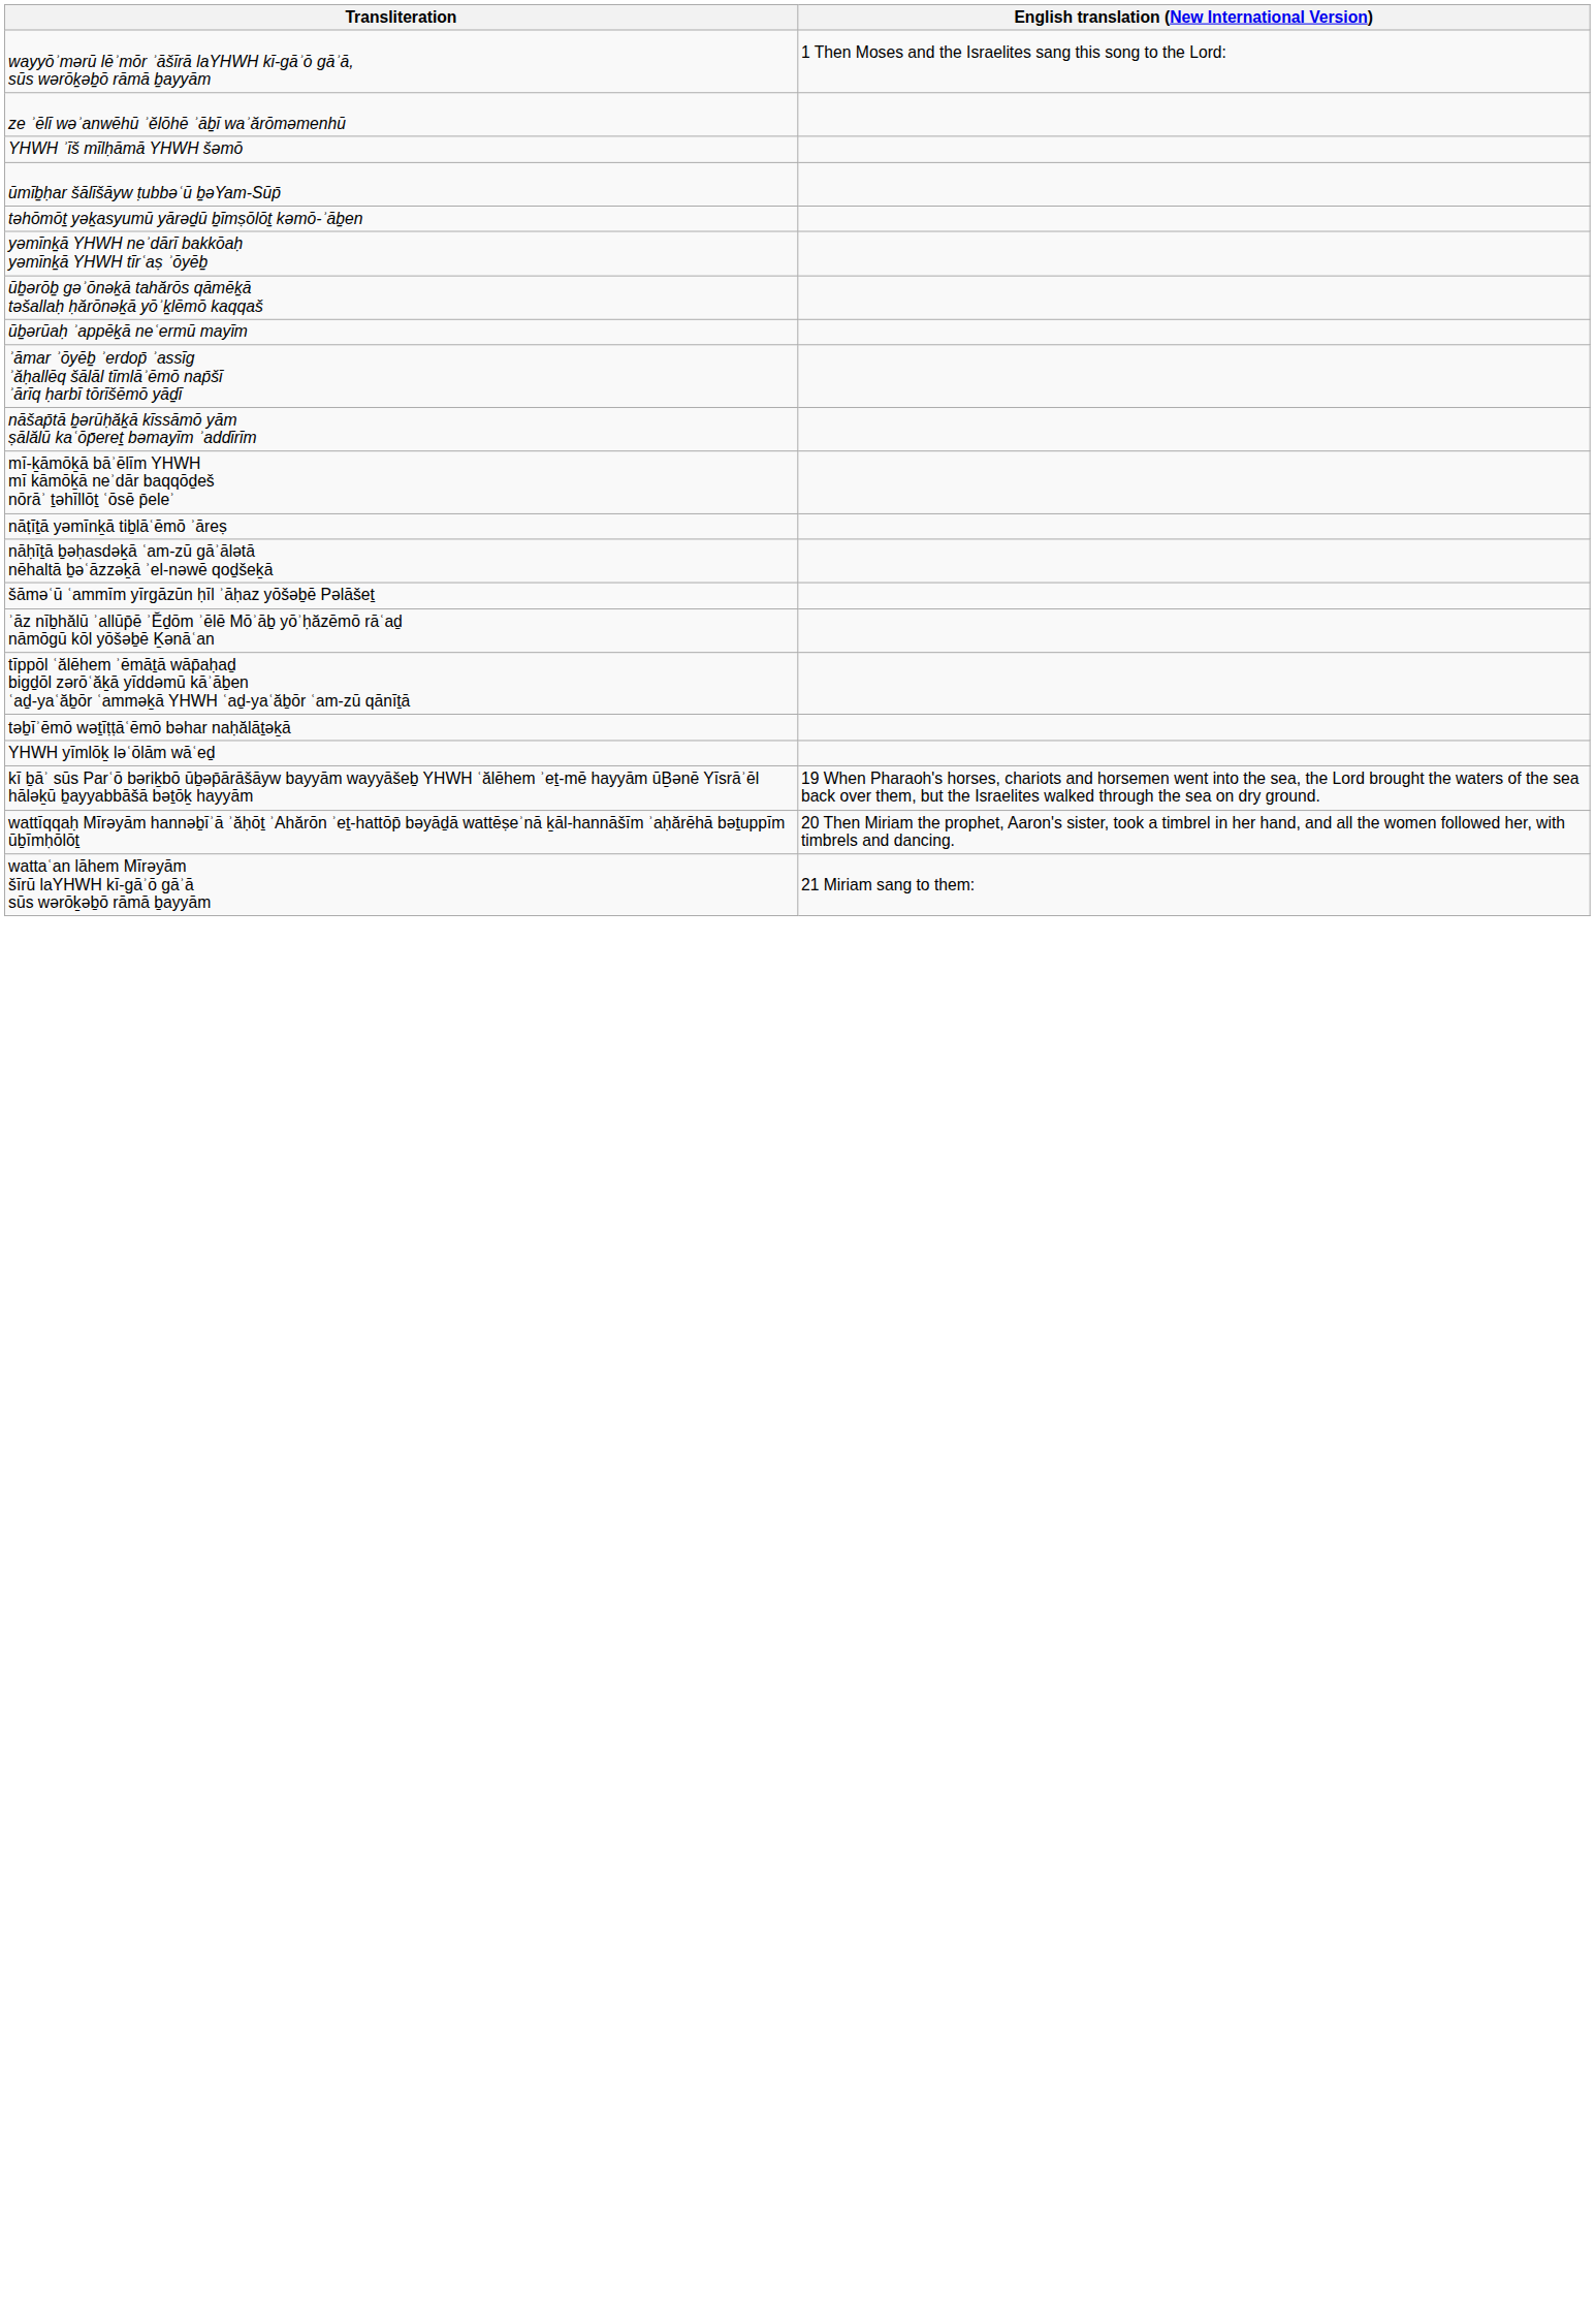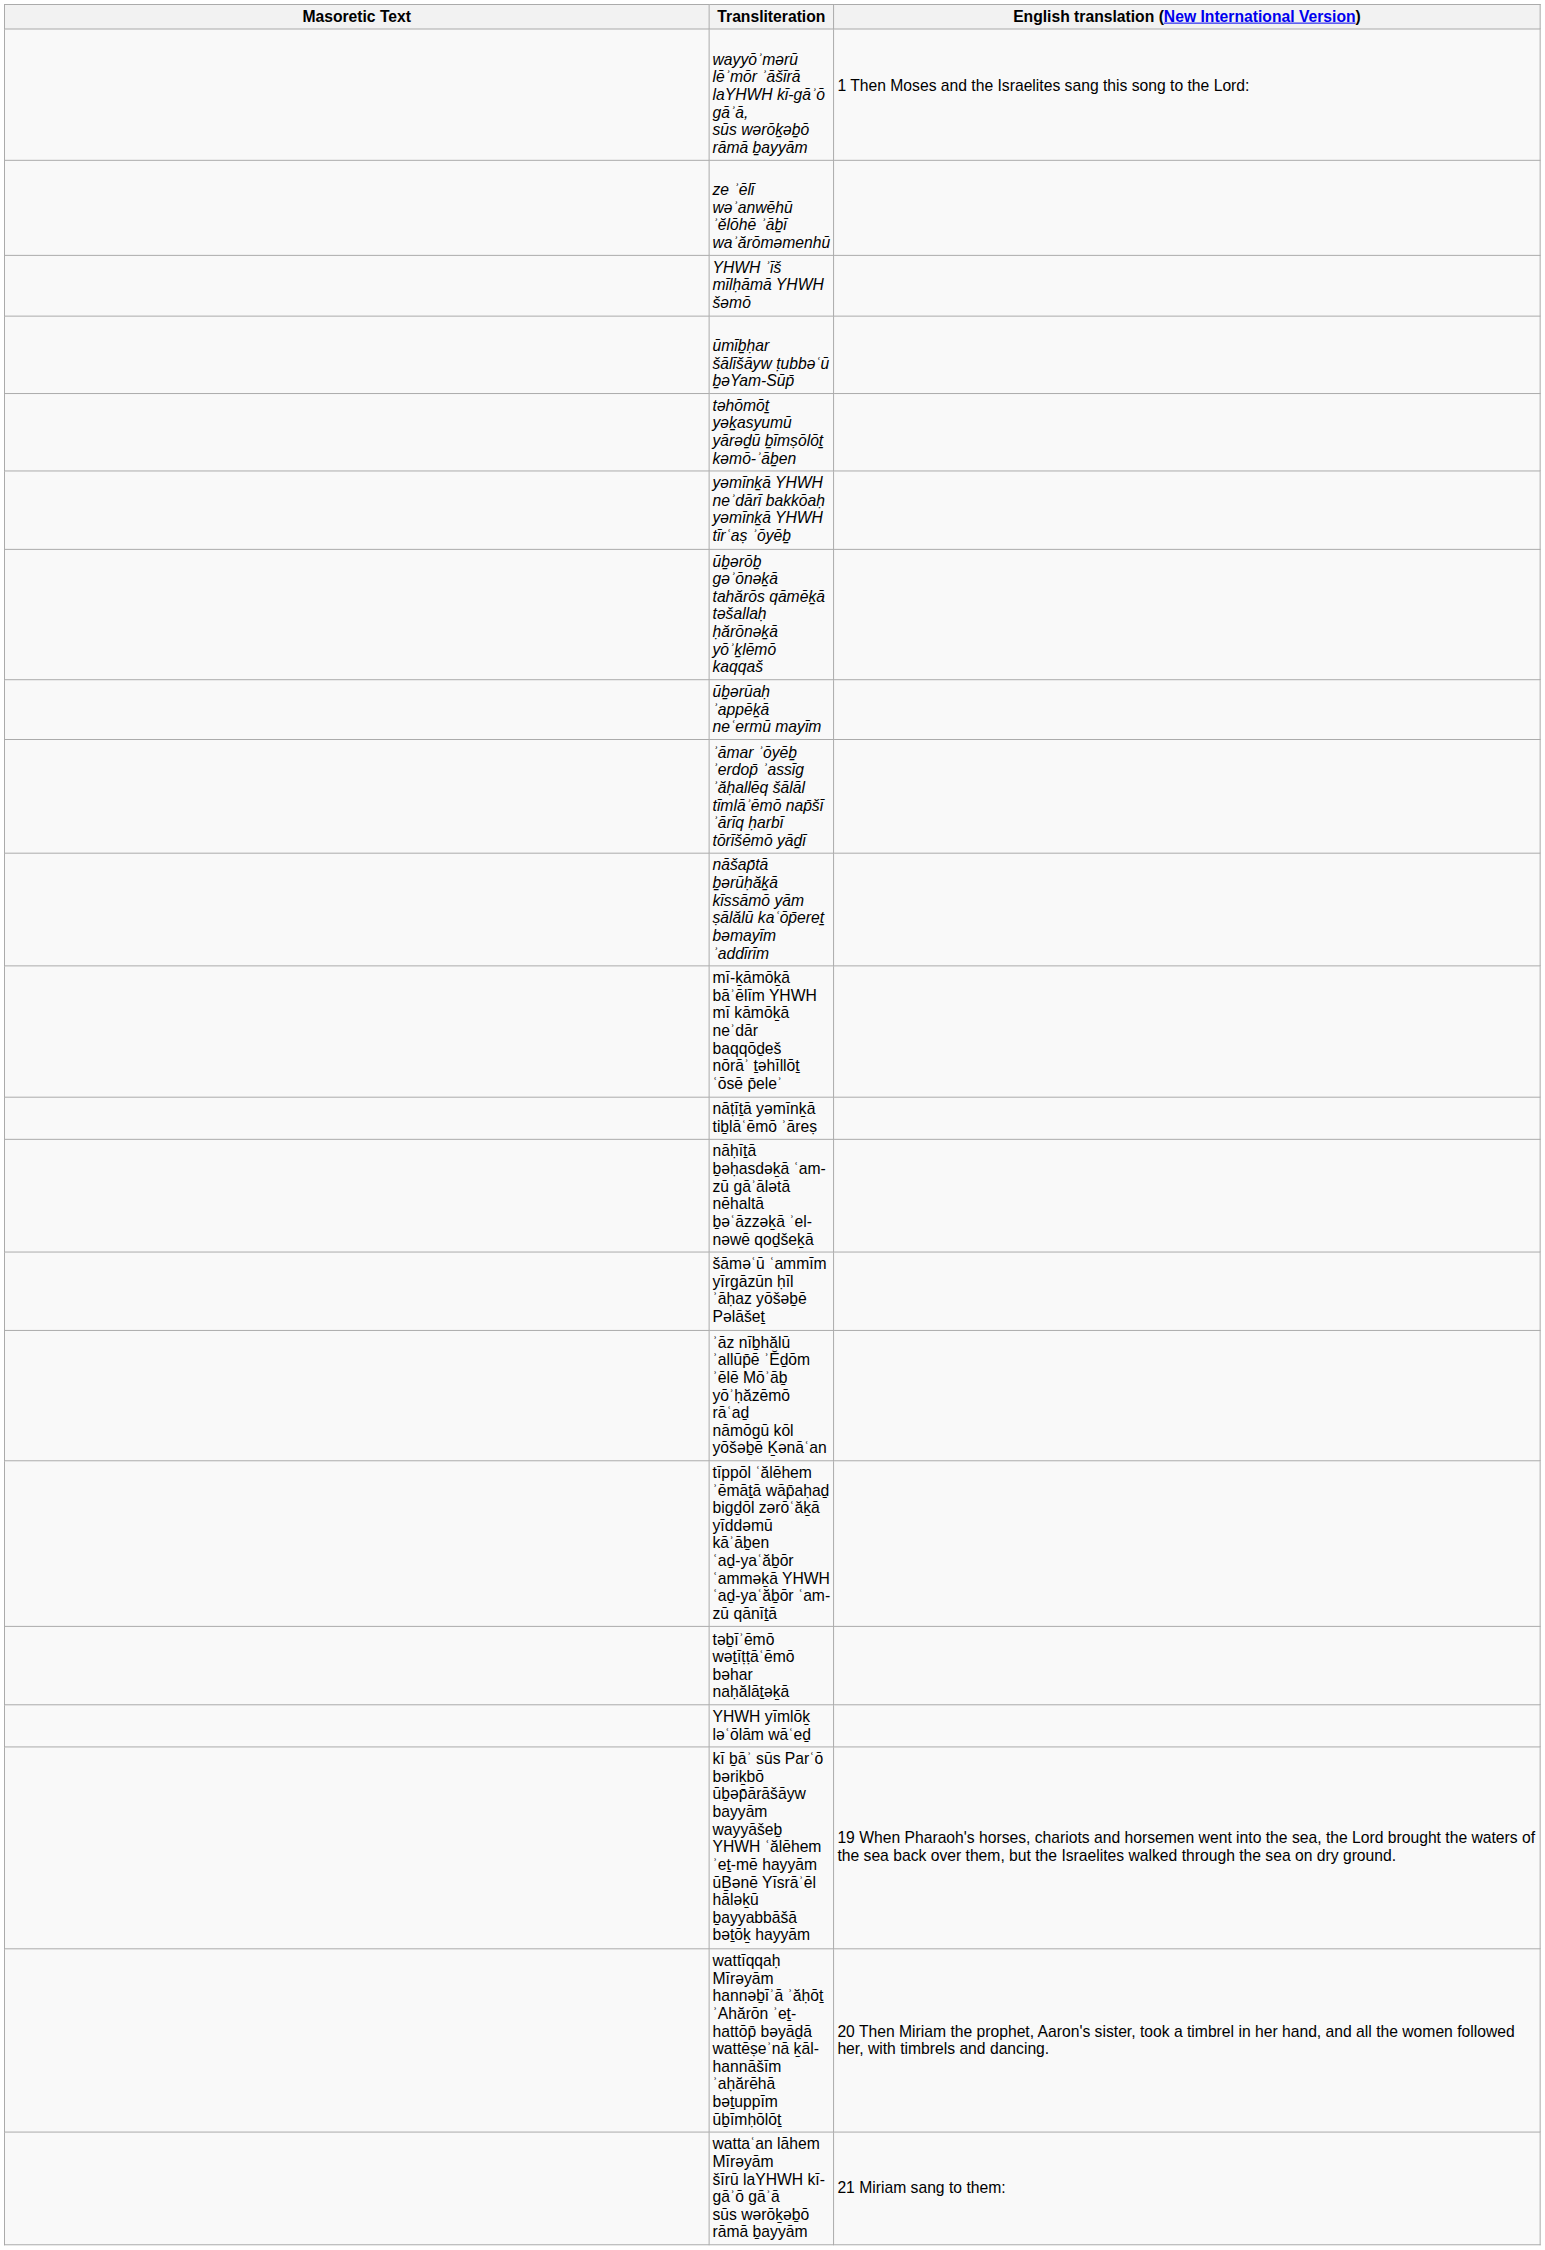 <table class="wikitable">
 <tr>
+<th width=50%>Masoretic Text</th>
 <th>Transliteration</th>
 <th width="50%">English translation (<a href='#'>New International Version</a>)</th>
 </tr>
 <tr>
+<td align="right"></td>
 <td><em></em><br><em>wayyōʾmərū lēʾmōr ʾāšīrā laYHWH kī-gāʾō gāʾā,</em><br><em>sūs wərōḵəḇō rāmā ḇayyām</em></td>
 <td>1 Then Moses and the Israelites sang this song to the Lord:<br><br></td>
 </tr>
 <tr>
+<td align="right"><br></td>
 <td><em></em><br><em>ze ʾēlī wəʾanwēhū ʾĕlōhē ʾāḇī waʾărōməmenhū</em></td>
 <td></td>
 </tr>
 <tr>
+<td align="right"><br></td>
 <td><em>YHWH ʾīš mīlḥāmā YHWH šəmō</em></td>
 <td></td>
 </tr>
 <tr>
+<td align="right"><br></td>
 <td><em></em><br><em>ūmīḇḥar šālīšāyw ṭubbəʿū ḇəYam-Sūp̄</em></td>
 <td></td>
 </tr>
 <tr>
+<td align="right"><br></td>
 <td><em>təhōmōṯ yəḵasyumū yārəḏū ḇīmṣōlōṯ kəmō-ʾāḇen</em></td>
 <td></td>
 </tr>
 <tr>
+<td align="right"><br></td>
 <td><em>yəmīnḵā YHWH neʾdārī bakkōaḥ</em><br><em>yəmīnḵā YHWH tīrʿaṣ ʾōyēḇ</em></td>
 <td></td>
 </tr>
 <tr>
+<td align="right"><br></td>
 <td><em>ūḇərōḇ gəʾōnəḵā tahărōs qāmēḵā</em><br><em>təšallaḥ ḥărōnəḵā yōʾḵlēmō kaqqaš</em></td>
 <td></td>
 </tr>
 <tr>
+<td align="right"><br></td>
 <td><em>ūḇərūaḥ ʾappēḵā neʿermū mayīm<br></em></td>
 <td></td>
 </tr>
 <tr>
+<td align="right"><br></td>
 <td><em>ʾāmar ʾōyēḇ ʾerdop̄ ʾassīg<br>ʾăḥallēq šālāl tīmlāʾēmō nap̄šī<br>ʾārīq ḥarbī tōrīšēmō yāḏī‎</em></td>
 <td></td>
 </tr>
 <tr>
+<td align="right"><br></td>
 <td><em>nāšap̄tā ḇərūḥăḵā kīssāmō yām</em><br><em>ṣālălū kaʿōp̄ereṯ bəmayīm ʾaddīrīm</td>
 <td></td>
 </tr>
 <tr>
+<td align="right"><br></td>
 <td></em>mī-ḵāmōḵā bāʾēlīm YHWH<em><br></em>mī kāmōḵā neʾdār baqqōḏeš<em><br></em>nōrāʾ ṯəhīllōṯ ʿōsē p̄eleʾ‎<em></td>
 <td></td>
 </tr>
 <tr>
+<td align="right"><br></td>
 <td></em>nāṭīṯā yəmīnḵā tiḇlāʿēmō ʾāreṣ<em></td>
 <td></td>
 </tr>
 <tr>
+<td align="right"><br></td>
 <td></em>nāḥīṯā ḇəḥasdəḵā ʿam-zū gāʾālətā<em><br></em>nēhaltā ḇəʿāzzəḵā ʾel-nəwē qoḏšeḵā‎<em></td>
 <td></td>
 </tr>
 <tr>
+<td align="right"><br></td>
 <td></em>šāməʿū ʿammīm yīrgāzūn ḥīl ʾāḥaz yōšəḇē Pəlāšeṯ<em></td>
 <td></td>
 </tr>
 <tr>
+<td align="right"><br></td>
 <td></em>ʾāz nīḇhălū ʾallūp̄ē ʾĔḏōm ʾēlē Mōʾāḇ yōʾḥăzēmō rāʿaḏ<em><br></em>nāmōgū kōl yōšəḇē Ḵənāʿan<em></td>
 <td></td>
 </tr>
 <tr>
+<td align="right"><br></td>
 <td></em>tīppōl ʿălēhem ʾēmāṯā wāp̄aḥaḏ<em><br></em>bigḏōl zərōʿăḵā yīddəmū kāʾāḇen<em><br></em>ʿaḏ-yaʿăḇōr ʿamməḵā YHWH ʿaḏ-yaʿăḇōr ʿam-zū qānīṯā<em></td>
 <td></td>
 </tr>
 <tr>
+<td align="right"><br></td>
 <td></em>təḇīʾēmō wəṯīṭṭāʿēmō bəhar naḥălāṯəḵā<em><br></em><em></td>
 <td></td>
 </tr>
 <tr>
+<td align="right"></td>
 <td></em>YHWH yīmlōḵ ləʿōlām wāʿeḏ<em></td>
 <td></td>
 </tr>
 <tr>
+<td align="right"><br></td>
 <td></em>kī ḇāʾ sūs Parʿō bəriḵbō ūḇəp̄ārāšāyw bayyām wayyāšeḇ YHWH ʿălēhem ʾeṯ-mē hayyām ūḆənē Yīsrāʾēl hāləḵū ḇayyabbāšā bəṯōḵ hayyām<em></td>
 <td>19 When Pharaoh's horses, chariots and horsemen went into the sea, the Lord brought the waters of the sea back over them, but the Israelites walked through the sea on dry ground.</td>
 </tr>
 <tr>
+<td align="right"><br></td>
 <td></em>wattīqqaḥ Mīrəyām hannəḇīʾā ʾăḥōṯ ʾAhărōn ʾeṯ-hattōp̄ bəyāḏā wattēṣeʾnā ḵāl-hannāšīm ʾaḥărēhā bəṯuppīm ūḇīmḥōlōṯ<em></td>
 <td>20 Then Miriam the prophet, Aaron's sister, took a timbrel in her hand, and all the women followed her, with timbrels and dancing.</td>
 </tr>
 <tr>
+<td align="right"><br></td>
 <td></em>wattaʿan lāhem Mīrəyām<br>šīrū laYHWH kī-gāʾō gāʾā<br>sūs wərōḵəḇō rāmā ḇayyām<em></td>
 <td>21 Miriam sang to them:<br></td>
 </tr>
 </table>
